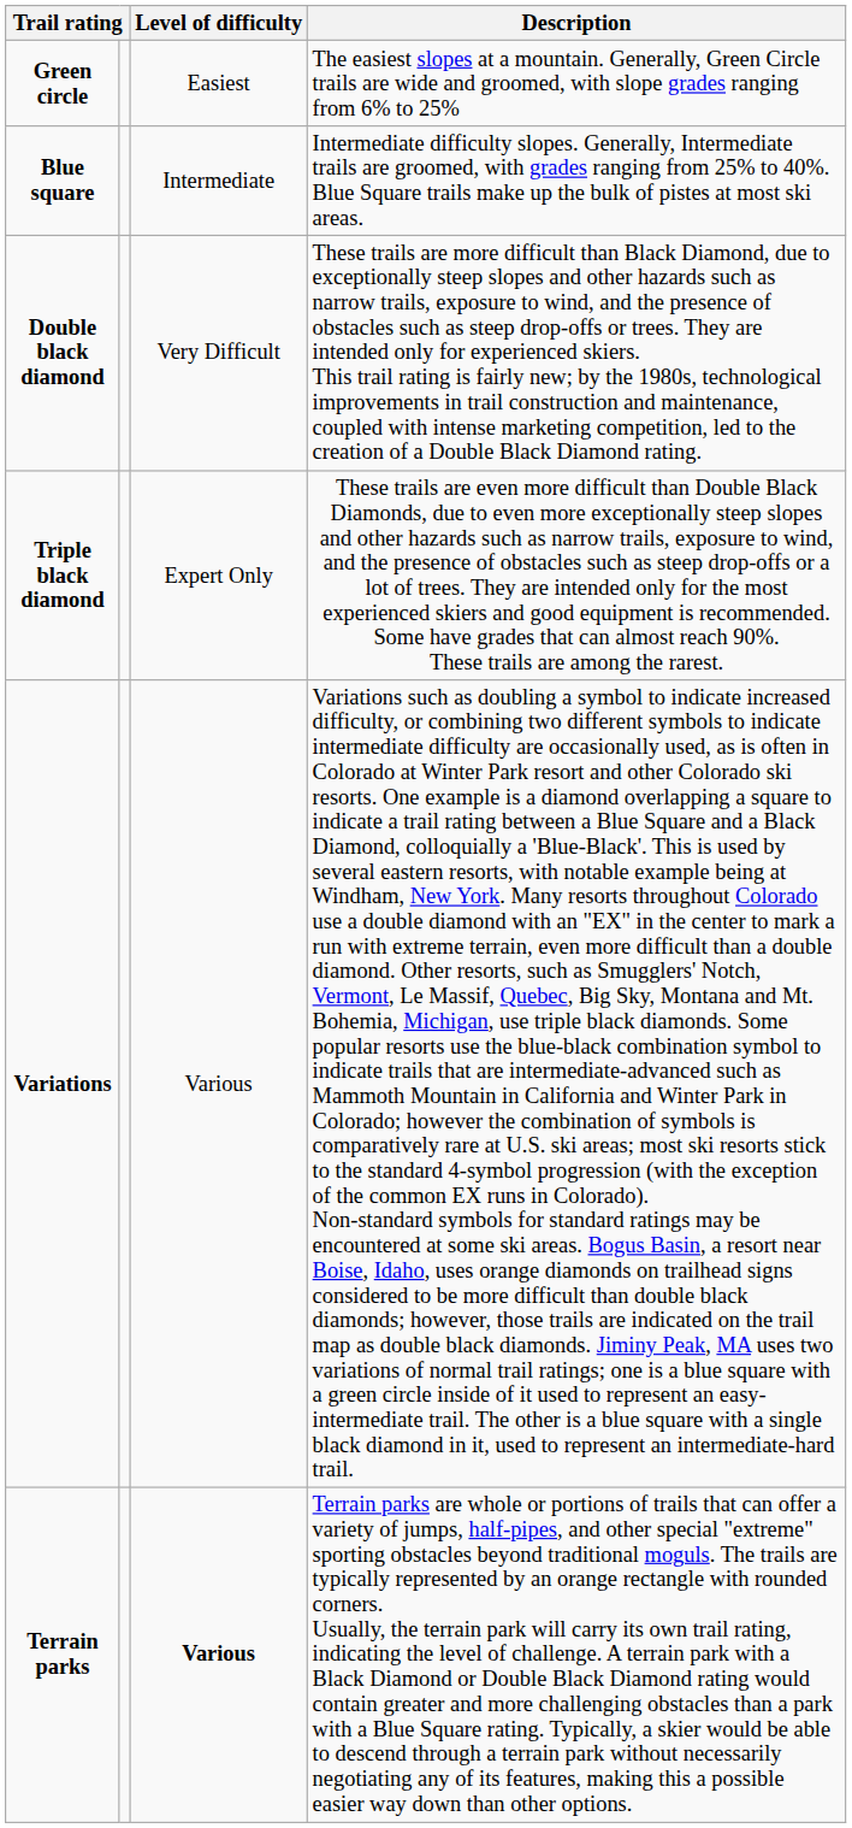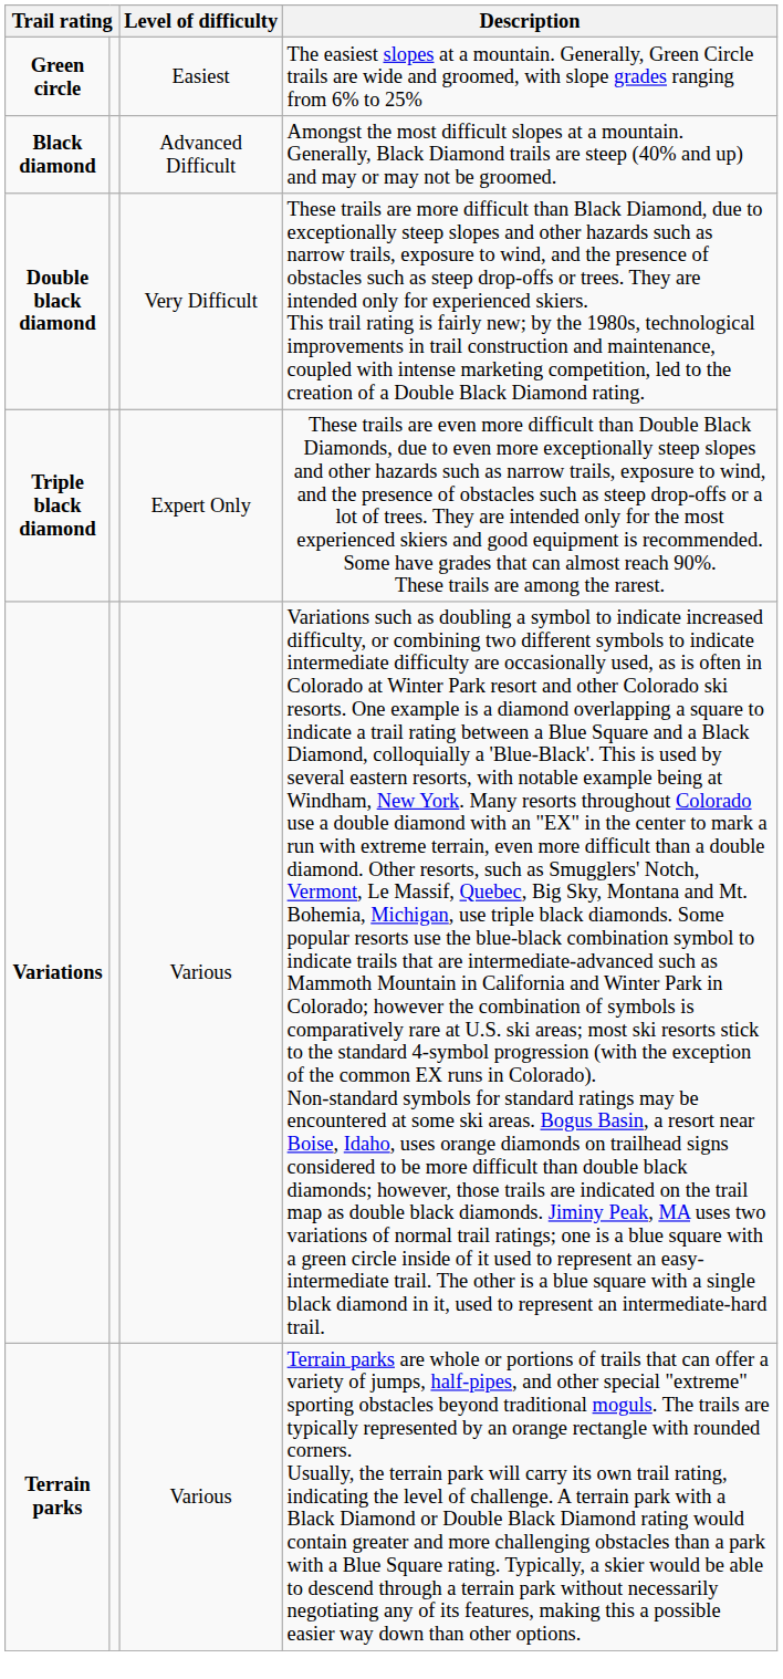 <table class="wikitable" style="text-align:center;clear:both">
 <tr>
 <th colspan="2">Trail rating</th>
 <th>Level of difficulty</th>
 <th>Description</th>
 </tr>
 <tr>
 <td><strong>Green circle</strong></td>
 <td></td>
 <td>Easiest</td>
 <td style="text-align:left;">The easiest <a href='#'>slopes</a> at a mountain. Generally, Green Circle trails are wide and groomed, with slope <a href='#'>grades</a> ranging from 6% to 25%</td>
 </tr>
 <tr>
-<td><strong>Blue square</strong></td>
+<td><strong>Black diamond</strong></td>
 <td></td>
-<td>Intermediate</td>
-<td style="text-align:left;">Intermediate difficulty slopes. Generally, Intermediate trails are groomed, with <a href='#'>grades</a> ranging from 25% to 40%. Blue Square trails make up the bulk of pistes at most ski areas.</td>
+<td>Advanced<br>Difficult</td>
+<td style="text-align:left;">Amongst the most difficult slopes at a mountain. Generally, Black Diamond trails are steep (40% and up) and may or may not be groomed.</td>
 </tr>
 <tr>
 <td><strong>Double black diamond</strong></td>
 <td></td>
 <td>Very Difficult</td>
 <td style="text-align:left;">These trails are more difficult than Black Diamond, due to exceptionally steep slopes and other hazards such as narrow trails, exposure to wind, and the presence of obstacles such as steep drop-offs or trees. They are intended only for experienced skiers.<br>This trail rating is fairly new; by the 1980s, technological improvements in trail construction and maintenance, coupled with intense marketing competition, led to the creation of a Double Black Diamond rating.</td>
 </tr>
 <tr>
 <td><strong>Triple black diamond</strong></td>
 <td></td>
 <td>Expert Only</td>
 <td>These trails are even more difficult than Double Black Diamonds, due to even more exceptionally steep slopes and other hazards such as narrow trails, exposure to wind, and the presence of obstacles such as steep drop-offs or a lot of trees. They are intended only for the most experienced skiers and good equipment is recommended. Some have grades that can almost reach 90%.<br>These trails are among the rarest.</td>
 </tr>
 <tr>
 <td><strong>Variations</strong></td>
 <td></td>
 <td>Various</td>
 <td style="text-align:left;">Variations such as doubling a symbol to indicate increased difficulty, or combining two different symbols to indicate intermediate difficulty are occasionally used, as is often in Colorado at Winter Park resort and other Colorado ski resorts. One example is a diamond overlapping a square to indicate a trail rating between a Blue Square and a Black Diamond, colloquially a 'Blue-Black'. This is used by several eastern resorts, with notable example being at Windham, <a href='#'>New York</a>. Many resorts throughout <a href='#'>Colorado</a> use a double diamond with an "EX" in the center to mark a run with extreme terrain, even more difficult than a double diamond. Other resorts, such as Smugglers' Notch, <a href='#'>Vermont</a>, Le Massif, <a href='#'>Quebec</a>, Big Sky, Montana and Mt. Bohemia, <a href='#'>Michigan</a>, use triple black diamonds. Some popular resorts use the blue-black combination symbol to indicate trails that are intermediate-advanced such as Mammoth Mountain in California and Winter Park in Colorado; however the combination of symbols is comparatively rare at U.S. ski areas; most ski resorts stick to the standard 4-symbol progression (with the exception of the common EX runs in Colorado).<br>Non-standard symbols for standard ratings may be encountered at some ski areas. <a href='#'>Bogus Basin</a>, a resort near <a href='#'>Boise</a>, <a href='#'>Idaho</a>, uses orange diamonds on trailhead signs considered to be more difficult than double black diamonds; however, those trails are indicated on the trail map as double black diamonds. <a href='#'>Jiminy Peak</a>, <a href='#'>MA</a> uses two variations of normal trail ratings; one is a blue square with a green circle inside of it used to represent an easy-intermediate trail. The other is a blue square with a single black diamond in it, used to represent an intermediate-hard trail.</td>
 </tr>
 <tr>
 <td><strong>Terrain parks</strong></td>
 <td></td>
-<td><strong>Various</strong></td>
+<td>Various</td>
 <td style="text-align:left;"><a href='#'>Terrain parks</a> are whole or portions of trails that can offer a variety of jumps, <a href='#'>half-pipes</a>, and other special "extreme" sporting obstacles beyond traditional <a href='#'>moguls</a>. The trails are typically represented by an orange rectangle with rounded corners.<br>Usually, the terrain park will carry its own trail rating, indicating the level of challenge. A terrain park with a Black Diamond or Double Black Diamond rating would contain greater and more challenging obstacles than a park with a Blue Square rating.  Typically, a skier would be able to descend through a terrain park without necessarily negotiating any of its features, making this a possible easier way down than other options.</td>
 </tr>
 </table>
